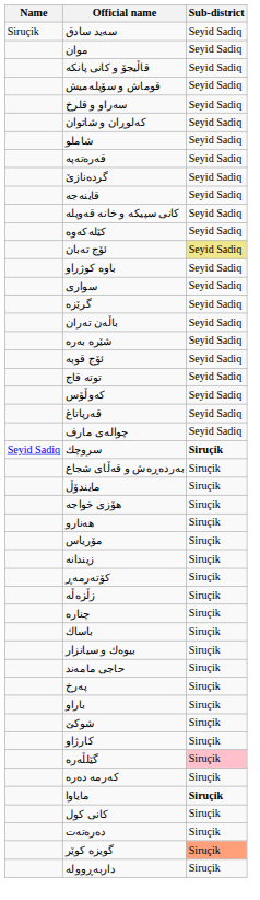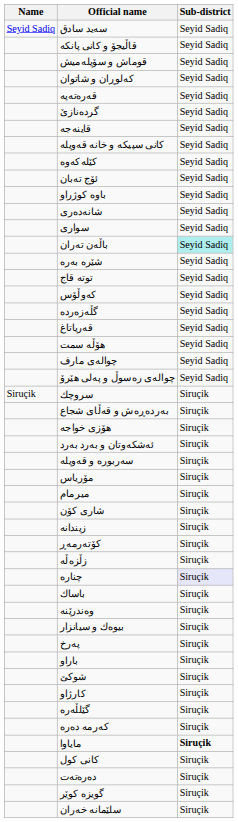 <table class="wikitable">
 <tr>
 <th>Name</th>
 <th>Official name</th>
 <th>Sub-district</th>
 </tr>
 <tr>
-<td>Siruçik</td>
+<td><a href='#'>Seyid Sadiq</a></td>
 <td>سه‌يد سادق</td>
-<td>Seyid Sadiq</td>
-</tr>
-<tr>
-<td></td>
-<td>موان</td>
 <td>Seyid Sadiq</td>
 </tr>
 <tr>
 <td></td>
 <td>قاڵيجۆ و كانى پانكه‌</td>
 <td>Seyid Sadiq</td>
 </tr>
 <tr>
 <td></td>
 <td>قوماش و سۆيله‌ميش</td>
 <td>Seyid Sadiq</td>
 </tr>
 <tr>
 <td></td>
-<td>سه‌راو و قلرخ</td>
-<td>Seyid Sadiq</td>
-</tr>
-<tr>
-<td></td>
 <td>كه‌لوڕان و شاتوان</td>
-<td>Seyid Sadiq</td>
-</tr>
-<tr>
-<td></td>
-<td>شاملو</td>
 <td>Seyid Sadiq</td>
 </tr>
 <tr>
 <td></td>
 <td>قه‌ره‌ته‌په‌</td>
 <td>Seyid Sadiq</td>
 </tr>
 <tr>
 <td></td>
 <td>گرده‌نازێ</td>
 <td>Seyid Sadiq</td>
 </tr>
 <tr>
 <td></td>
 <td>قاينه‌جه‌</td>
 <td>Seyid Sadiq</td>
 </tr>
 <tr>
 <td></td>
 <td>كانى سپيكه‌ و خانه‌ قه‌ويله‌</td>
 <td>Seyid Sadiq</td>
 </tr>
 <tr>
 <td></td>
 <td>كێله‌كه‌وه‌</td>
 <td>Seyid Sadiq</td>
 </tr>
 <tr>
 <td></td>
 <td>ئۆج ته‌بان</td>
-<td style="background: khaki;">Seyid Sadiq</td>
+<td>Seyid Sadiq</td>
 </tr>
 <tr>
 <td></td>
 <td>باوه‌ كوژراو</td>
+<td>Seyid Sadiq</td>
+</tr>
+<tr>
+<td></td>
+<td>شانه‌ده‌رى</td>
 <td>Seyid Sadiq</td>
 </tr>
 <tr>
 <td></td>
 <td>سوارى</td>
 <td>Seyid Sadiq</td>
 </tr>
 <tr>
 <td></td>
-<td>گرێزه‌</td>
-<td>Seyid Sadiq</td>
-</tr>
-<tr>
-<td></td>
 <td>باڵه‌ن ته‌ران</td>
-<td>Seyid Sadiq</td>
+<td style="background: paleturquoise;">Seyid Sadiq</td>
 </tr>
 <tr>
 <td></td>
 <td>شێره‌ به‌ره‌</td>
-<td>Seyid Sadiq</td>
-</tr>
-<tr>
-<td></td>
-<td>ئۆج قوبه‌</td>
 <td>Seyid Sadiq</td>
 </tr>
 <tr>
 <td></td>
 <td>توته‌ قاج</td>
 <td>Seyid Sadiq</td>
 </tr>
 <tr>
 <td></td>
 <td>كه‌وڵۆس</td>
 <td>Seyid Sadiq</td>
 </tr>
 <tr>
 <td></td>
+<td>گڵه‌زه‌رده‌</td>
+<td>Seyid Sadiq</td>
+</tr>
+<tr>
+<td></td>
 <td>قه‌رياتاغ</td>
+<td>Seyid Sadiq</td>
+</tr>
+<tr>
+<td></td>
+<td>هۆڵه‌ سمت</td>
 <td>Seyid Sadiq</td>
 </tr>
 <tr>
 <td></td>
 <td>چواله‌ى مارف</td>
 <td>Seyid Sadiq</td>
 </tr>
 <tr>
-<td><a href='#'>Seyid Sadiq</a></td>
+<td></td>
+<td>چواله‌ى ره‌سوڵ و په‌لى هێرۆ</td>
+<td>Seyid Sadiq</td>
+</tr>
+<tr>
+<td>Siruçik</td>
 <td>سروچك</td>
-<td><strong>Siruçik</strong></td>
+<td>Siruçik</td>
 </tr>
 <tr>
 <td></td>
 <td>به‌رده‌ڕه‌ش و قه‌ڵاى شجاع</td>
-<td>Siruçik</td>
-</tr>
-<tr>
-<td></td>
-<td>مايندۆڵ</td>
 <td>Siruçik</td>
 </tr>
 <tr>
 <td></td>
 <td>هۆزى خواجه‌</td>
 <td>Siruçik</td>
 </tr>
 <tr>
 <td></td>
-<td>هه‌نارو</td>
+<td>ئه‌شكه‌وتان و به‌رد به‌رد</td>
+<td>Siruçik</td>
+</tr>
+<tr>
+<td></td>
+<td>سه‌ربوره‌ و قه‌ويله‌</td>
 <td>Siruçik</td>
 </tr>
 <tr>
 <td></td>
 <td>مۆرياس</td>
+<td>Siruçik</td>
+</tr>
+<tr>
+<td></td>
+<td>ميرمام</td>
+<td>Siruçik</td>
+</tr>
+<tr>
+<td></td>
+<td>شارى كۆن</td>
 <td>Siruçik</td>
 </tr>
 <tr>
 <td></td>
 <td>زيندانه‌</td>
 <td>Siruçik</td>
 </tr>
 <tr>
 <td></td>
 <td>كۆته‌رمه‌ڕ</td>
 <td>Siruçik</td>
 </tr>
 <tr>
 <td></td>
 <td>زڵزه‌ڵه‌</td>
 <td>Siruçik</td>
 </tr>
 <tr>
 <td></td>
 <td>چناره‌</td>
-<td>Siruçik</td>
+<td style="background: lavender;">Siruçik</td>
 </tr>
 <tr>
 <td></td>
 <td>باساك</td>
 <td>Siruçik</td>
 </tr>
 <tr>
 <td></td>
-<td>بيوه‌ك و سيانزار</td>
+<td>وه‌ندرێنه‌</td>
 <td>Siruçik</td>
 </tr>
 <tr>
 <td></td>
-<td>حاجى مامه‌ند</td>
+<td>بيوه‌ك و سيانزار</td>
 <td>Siruçik</td>
 </tr>
 <tr>
 <td></td>
 <td>په‌رخ</td>
 <td>Siruçik</td>
 </tr>
 <tr>
 <td></td>
 <td>باراو</td>
 <td>Siruçik</td>
 </tr>
 <tr>
 <td></td>
 <td>شوكێ</td>
 <td>Siruçik</td>
 </tr>
 <tr>
 <td></td>
 <td>كارژاو</td>
 <td>Siruçik</td>
 </tr>
 <tr>
 <td></td>
 <td>گێلڵه‌ره‌</td>
-<td style="background: pink;">Siruçik</td>
+<td>Siruçik</td>
 </tr>
 <tr>
 <td></td>
 <td>كه‌رمه‌ ده‌ره‌</td>
 <td>Siruçik</td>
 </tr>
 <tr>
 <td></td>
 <td>ماياوا</td>
 <td><strong>Siruçik</strong></td>
 </tr>
 <tr>
 <td></td>
 <td>كانى كول</td>
 <td>Siruçik</td>
 </tr>
 <tr>
 <td></td>
 <td>ده‌ره‌ته‌ت</td>
 <td>Siruçik</td>
 </tr>
 <tr>
 <td></td>
 <td>گويزه‌ كوێر</td>
-<td style="background: lightsalmon;">Siruçik</td>
+<td>Siruçik</td>
 </tr>
 <tr>
 <td></td>
-<td>داربه‌ڕووله‌</td>
+<td>سلێمانه‌ خه‌ران</td>
 <td>Siruçik</td>
 </tr>
 </table>
